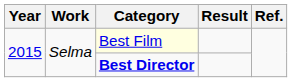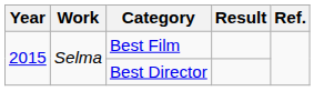 <table class="wikitable">
 <tr>
 <th>Year</th>
 <th>Work</th>
 <th>Category</th>
 <th>Result</th>
 <th>Ref.</th>
 </tr>
 <tr>
 <td rowspan="2"><a href='#'>2015</a></td>
 <td rowspan="2"><em>Selma</em></td>
-<td style="background: lightyellow;"><a href='#'>Best Film</a></td>
+<td><a href='#'>Best Film</a></td>
 <td></td>
 <td rowspan="2"></td>
 </tr>
 <tr>
-<td><strong><a href='#'>Best Director</a></strong></td>
+<td><a href='#'>Best Director</a></td>
 <td></td>
 </tr>
 </table>
